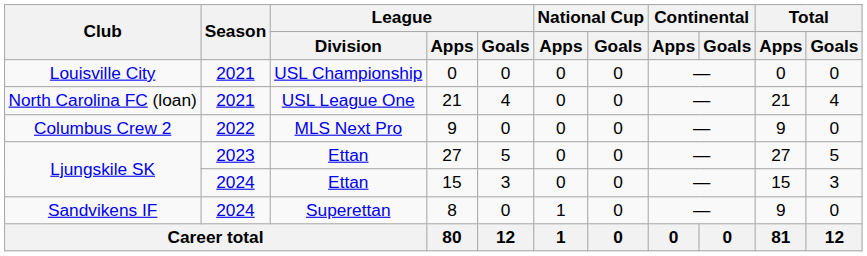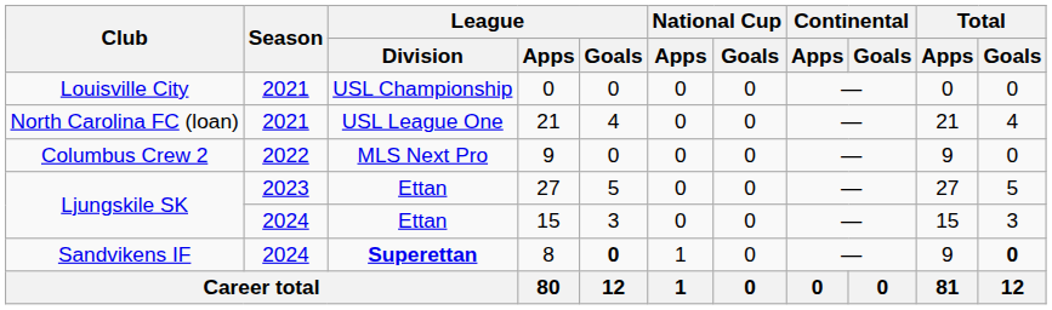 <table class=wikitable style=text-align:center>
 <tr>
 <th rowspan=2>Club</th>
 <th rowspan=2>Season</th>
 <th colspan=3>League</th>
 <th colspan=2>National Cup</th>
 <th colspan=2>Continental</th>
 <th colspan=2>Total</th>
 </tr>
 <tr>
 <th>Division</th>
 <th>Apps</th>
 <th>Goals</th>
 <th>Apps</th>
 <th>Goals</th>
 <th>Apps</th>
 <th>Goals</th>
 <th>Apps</th>
 <th>Goals</th>
 </tr>
 <tr>
 <td rowspan=1><a href='#'>Louisville City</a></td>
 <td><a href='#'>2021</a></td>
 <td><a href='#'>USL Championship</a></td>
 <td>0</td>
 <td>0</td>
 <td>0</td>
 <td>0</td>
 <td colspan=2>—</td>
 <td>0</td>
 <td>0</td>
 </tr>
 <tr>
 <td rowspan=1><a href='#'>North Carolina FC</a> (loan)</td>
 <td><a href='#'>2021</a></td>
 <td><a href='#'>USL League One</a></td>
 <td>21</td>
 <td>4</td>
 <td>0</td>
 <td>0</td>
 <td colspan=2>—</td>
 <td>21</td>
 <td>4</td>
 </tr>
 <tr>
 <td rowspan=1><a href='#'>Columbus Crew 2</a></td>
 <td><a href='#'>2022</a></td>
 <td><a href='#'>MLS Next Pro</a></td>
 <td>9</td>
 <td>0</td>
 <td>0</td>
 <td>0</td>
 <td colspan=2>—</td>
 <td>9</td>
 <td>0</td>
 </tr>
 <tr>
 <td rowspan=2><a href='#'>Ljungskile SK</a></td>
 <td><a href='#'>2023</a></td>
 <td><a href='#'>Ettan</a></td>
 <td>27</td>
 <td>5</td>
 <td>0</td>
 <td>0</td>
 <td colspan=2>—</td>
 <td>27</td>
 <td>5</td>
 </tr>
 <tr>
 <td><a href='#'>2024</a></td>
 <td><a href='#'>Ettan</a></td>
 <td>15</td>
 <td>3</td>
 <td>0</td>
 <td>0</td>
 <td colspan=2>—</td>
 <td>15</td>
 <td>3</td>
 </tr>
 <tr>
 <td rowspan=1><a href='#'>Sandvikens IF</a></td>
 <td><a href='#'>2024</a></td>
-<td><a href='#'>Superettan</a></td>
+<td><strong><a href='#'>Superettan</a></strong></td>
 <td>8</td>
-<td>0</td>
+<td><strong>0</strong></td>
 <td>1</td>
 <td>0</td>
 <td colspan=2>—</td>
 <td>9</td>
-<td>0</td>
+<td><strong>0</strong></td>
 </tr>
 <tr>
 <th colspan=3>Career total</th>
 <th>80</th>
 <th>12</th>
 <th>1</th>
 <th>0</th>
 <th>0</th>
 <th>0</th>
 <th>81</th>
 <th>12</th>
 </tr>
 </table>
